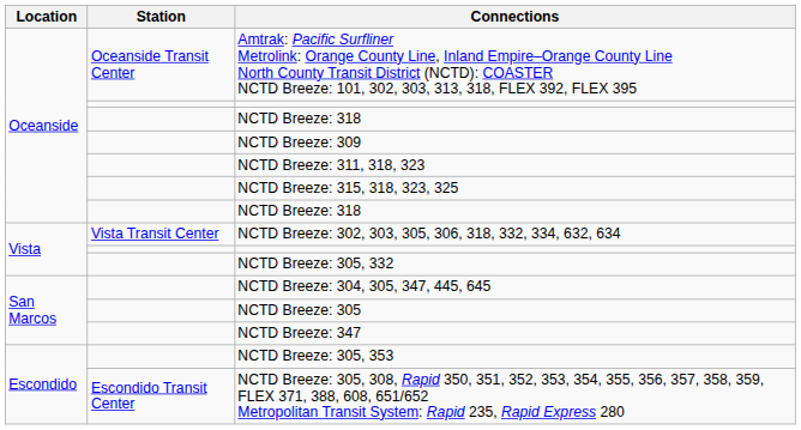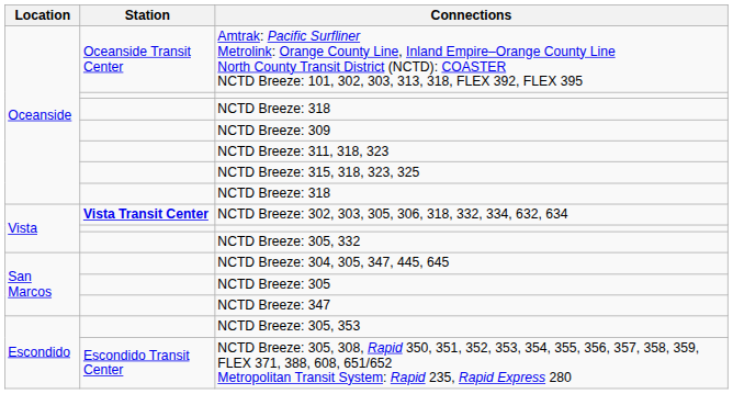 <table class="wikitable">
 <tr>
 <th>Location</th>
 <th>Station</th>
 <th>Connections</th>
 </tr>
 <tr>
 <td rowspan=7><a href='#'>Oceanside</a></td>
 <td><a href='#'>Oceanside Transit Center</a></td>
 <td> <a href='#'>Amtrak</a>: <em><a href='#'>Pacific Surfliner</a></em><br> <a href='#'>Metrolink</a>: <a href='#'>Orange County Line</a>, <a href='#'>Inland Empire–Orange County Line</a><br> <a href='#'>North County Transit District</a> (NCTD): <a href='#'>COASTER</a><br> NCTD Breeze: 101, 302, 303, 313, 318, FLEX 392, FLEX 395<br></td>
 </tr>
 <tr>
 <td></td>
 <td></td>
 </tr>
 <tr>
 <td></td>
 <td> NCTD Breeze: 318</td>
 </tr>
 <tr>
 <td></td>
 <td> NCTD Breeze: 309</td>
 </tr>
 <tr>
 <td></td>
 <td> NCTD Breeze: 311, 318, 323</td>
 </tr>
 <tr>
 <td></td>
 <td> NCTD Breeze: 315, 318, 323, 325</td>
 </tr>
 <tr>
 <td></td>
 <td> NCTD Breeze: 318</td>
 </tr>
 <tr>
 <td rowspan=3><a href='#'>Vista</a></td>
-<td><a href='#'>Vista Transit Center</a></td>
+<td><strong><a href='#'>Vista Transit Center</a></strong></td>
 <td> NCTD Breeze: 302, 303, 305, 306, 318, 332, 334, 632, 634</td>
 </tr>
 <tr>
 <td></td>
 <td></td>
 </tr>
 <tr>
 <td></td>
 <td> NCTD Breeze: 305, 332</td>
 </tr>
 <tr>
 <td rowspan=3><a href='#'>San Marcos</a></td>
 <td></td>
 <td> NCTD Breeze: 304, 305, 347, 445, 645</td>
 </tr>
 <tr>
 <td></td>
 <td> NCTD Breeze: 305</td>
 </tr>
 <tr>
 <td></td>
 <td> NCTD Breeze: 347</td>
 </tr>
 <tr>
 <td rowspan=2><a href='#'>Escondido</a></td>
 <td></td>
 <td> NCTD Breeze: 305, 353</td>
 </tr>
 <tr>
 <td><a href='#'>Escondido Transit Center</a></td>
 <td> NCTD Breeze: 305, 308, <em><a href='#'>Rapid</a></em> 350, 351, 352, 353, 354, 355, 356, 357, 358, 359, FLEX 371, 388, 608, 651/652<br> <a href='#'>Metropolitan Transit System</a>: <em><a href='#'>Rapid</a></em> 235, <em><a href='#'>Rapid Express</a></em> 280<br></td>
 </tr>
 </table>
